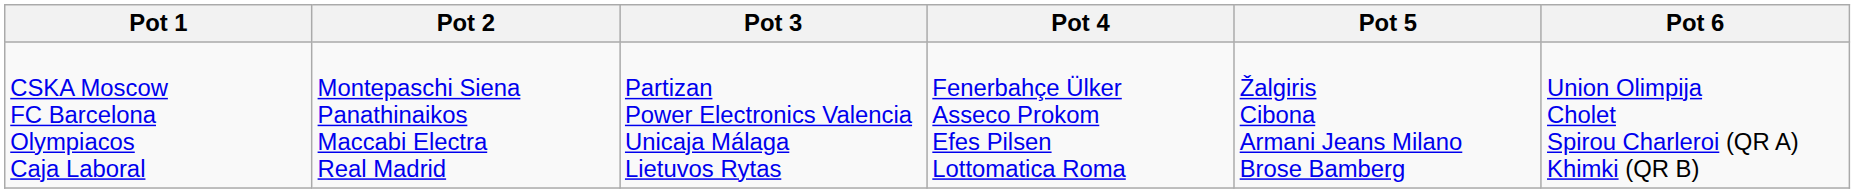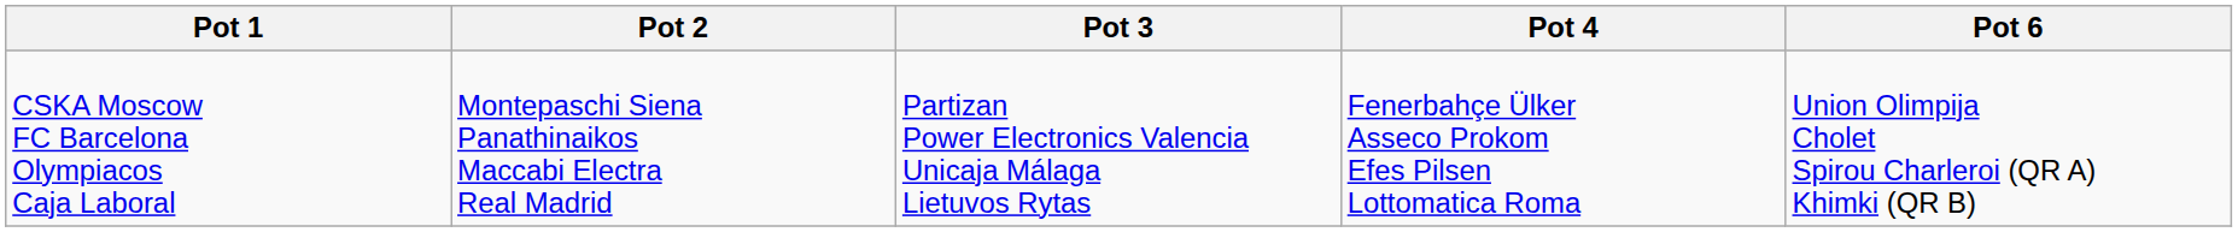 <table class="wikitable" width=98%>
 <tr>
 <th width=16%><strong>Pot 1</strong></th>
 <th width=16%><strong>Pot 2</strong></th>
 <th width=16%><strong>Pot 3</strong></th>
 <th width=16%><strong>Pot 4</strong></th>
-<th width=16%><strong>Pot 5</strong></th>
 <th width=16%><strong>Pot 6</strong></th>
 </tr>
 <tr>
 <td><br> <a href='#'>CSKA Moscow</a> <br>  <a href='#'>FC Barcelona</a><br>   <a href='#'>Olympiacos</a><br>  <a href='#'>Caja Laboral</a></td>
 <td><br> <a href='#'>Montepaschi Siena</a><br>   <a href='#'>Panathinaikos</a><br>   <a href='#'>Maccabi Electra</a><br>   <a href='#'>Real Madrid</a></td>
 <td><br> <a href='#'>Partizan</a><br>   <a href='#'>Power Electronics Valencia</a><br>   <a href='#'>Unicaja Málaga</a><br>   <a href='#'>Lietuvos Rytas</a></td>
 <td><br> <a href='#'>Fenerbahçe Ülker</a><br>   <a href='#'>Asseco Prokom</a> <br>   <a href='#'>Efes Pilsen</a><br>   <a href='#'>Lottomatica Roma</a></td>
-<td><br> <a href='#'>Žalgiris</a><br>   <a href='#'>Cibona</a> <br>   <a href='#'>Armani Jeans Milano</a><br>   <a href='#'>Brose Bamberg</a></td>
 <td><br> <a href='#'>Union Olimpija</a><br>   <a href='#'>Cholet</a> <br>   <a href='#'>Spirou Charleroi</a> (QR A)<br>   <a href='#'>Khimki</a> (QR B)</td>
 </tr>
 </table>
